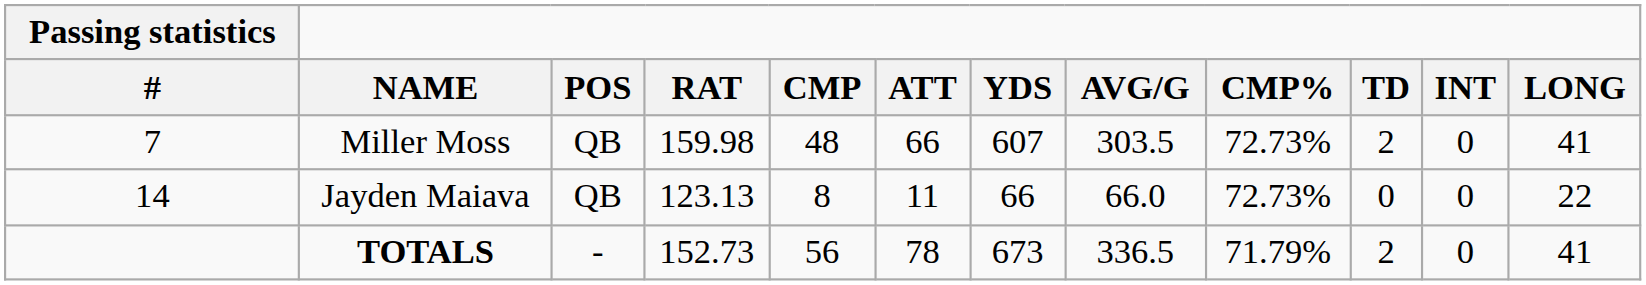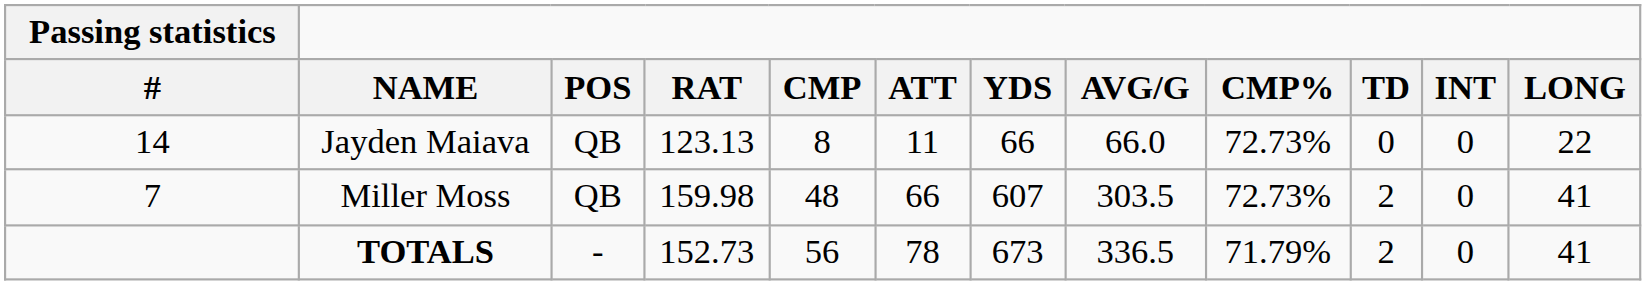 <table style="width:60%; text-align:center;" class="wikitable collapsible collapsed">
 <tr>
 <th style="text-align:center; ">Passing statistics</th>
 </tr>
 <tr>
 <th>#</th>
 <th>NAME</th>
 <th>POS</th>
 <th>RAT</th>
 <th>CMP</th>
 <th>ATT</th>
 <th>YDS</th>
 <th>AVG/G</th>
 <th>CMP%</th>
 <th>TD</th>
 <th>INT</th>
 <th>LONG</th>
 </tr>
 <tr>
+<td>14</td>
+<td>Jayden Maiava</td>
+<td>QB</td>
+<td>123.13</td>
+<td>8</td>
+<td>11</td>
+<td>66</td>
+<td>66.0</td>
+<td>72.73%</td>
+<td>0</td>
+<td>0</td>
+<td>22</td>
+</tr>
+<tr>
 <td>7</td>
 <td>Miller Moss</td>
 <td>QB</td>
 <td>159.98</td>
 <td>48</td>
 <td>66</td>
 <td>607</td>
 <td>303.5</td>
 <td>72.73%</td>
 <td>2</td>
 <td>0</td>
 <td>41</td>
-</tr>
-<tr>
-<td>14</td>
-<td>Jayden Maiava</td>
-<td>QB</td>
-<td>123.13</td>
-<td>8</td>
-<td>11</td>
-<td>66</td>
-<td>66.0</td>
-<td>72.73%</td>
-<td>0</td>
-<td>0</td>
-<td>22</td>
 </tr>
 <tr>
 <td></td>
 <td><strong>TOTALS</strong></td>
 <td>-</td>
 <td>152.73</td>
 <td>56</td>
 <td>78</td>
 <td>673</td>
 <td>336.5</td>
 <td>71.79%</td>
 <td>2</td>
 <td>0</td>
 <td>41</td>
 </tr>
 </table>
